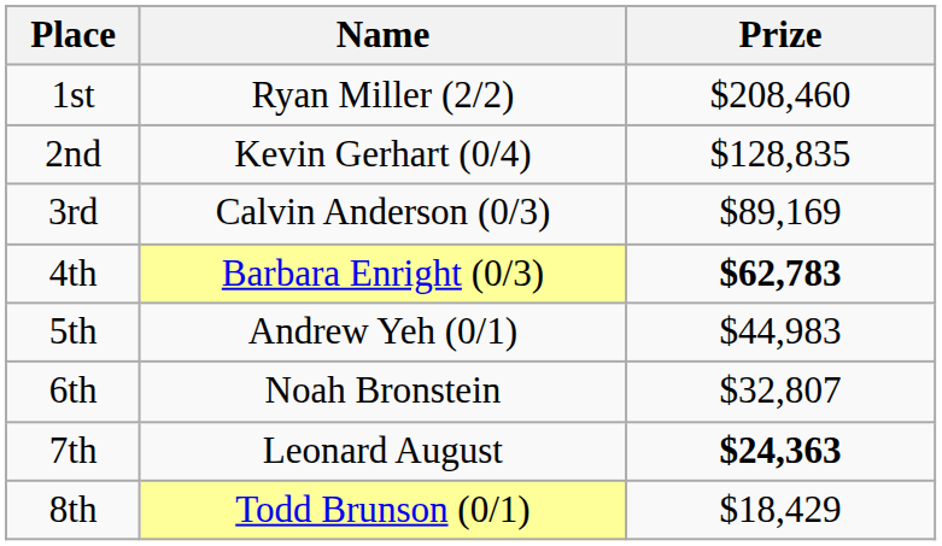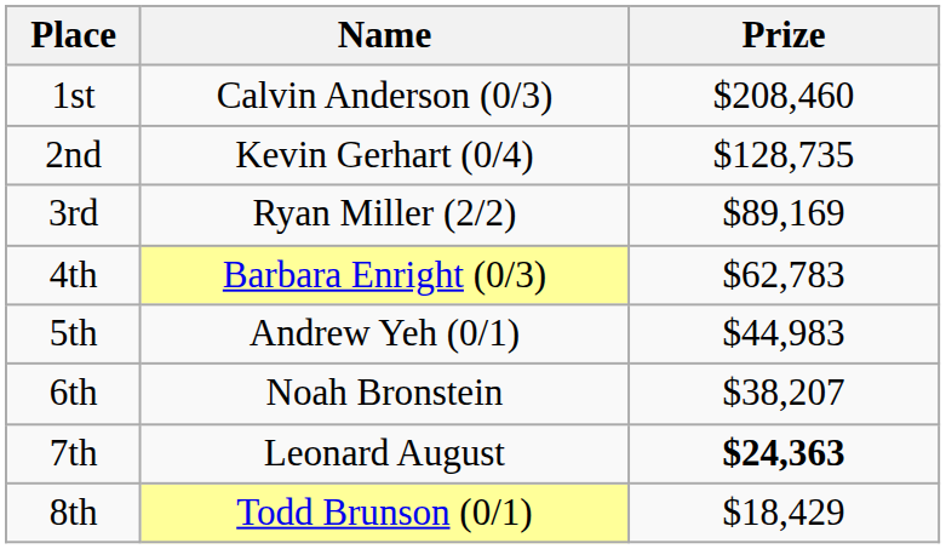 <table class="wikitable">
 <tr>
 <th width="50">Place</th>
 <th width="200">Name</th>
 <th width="125">Prize</th>
 </tr>
 <tr>
 <td align = "center">1st</td>
-<td align = "center"> Ryan Miller (2/2)</td>
+<td align = "center"> Calvin Anderson (0/3)</td>
 <td align = "center">$208,460</td>
 </tr>
 <tr>
 <td align = "center">2nd</td>
 <td align = "center"> Kevin Gerhart (0/4)</td>
-<td align = "center">$128,835</td>
+<td align = "center">$128,735</td>
 </tr>
 <tr>
 <td align = "center">3rd</td>
-<td align = "center"> Calvin Anderson (0/3)</td>
+<td align = "center"> Ryan Miller (2/2)</td>
 <td align = "center">$89,169</td>
 </tr>
 <tr>
 <td align = "center">4th</td>
 <td align="center" style="background-color:#FFFF99;"> <a href='#'>Barbara Enright</a> (0/3)</td>
-<td align = "center"><strong>$62,783</strong></td>
+<td align = "center">$62,783</td>
 </tr>
 <tr>
 <td align = "center">5th</td>
 <td align = "center"> Andrew Yeh (0/1)</td>
 <td align = "center">$44,983</td>
 </tr>
 <tr>
 <td align = "center">6th</td>
 <td align = "center"> Noah Bronstein</td>
-<td align = "center">$32,807</td>
+<td align = "center">$38,207</td>
 </tr>
 <tr>
 <td align = "center">7th</td>
 <td align = "center"> Leonard August</td>
 <td align = "center"><strong>$24,363</strong></td>
 </tr>
 <tr>
 <td align = "center">8th</td>
 <td align="center" style="background-color:#FFFF99;"> <a href='#'>Todd Brunson</a> (0/1)</td>
 <td align = "center">$18,429</td>
 </tr>
 </table>
